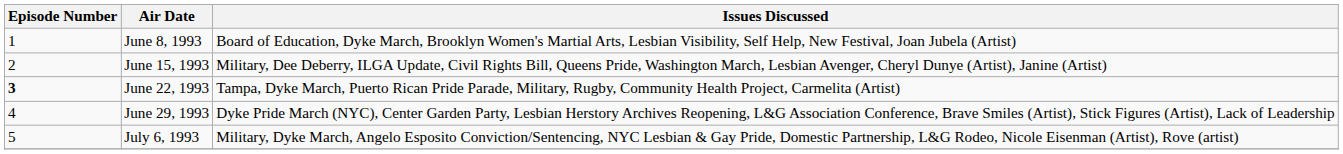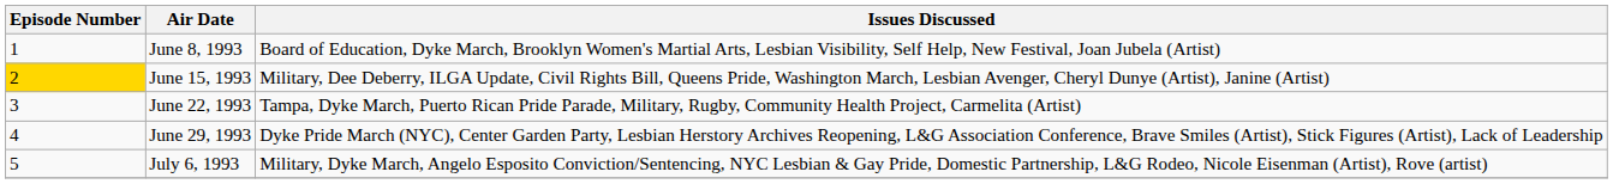 <table class="wikitable">
 <tr>
 <th>Episode Number</th>
 <th>Air Date</th>
 <th>Issues Discussed</th>
 </tr>
 <tr>
 <td>1</td>
 <td>June 8, 1993</td>
 <td>Board of Education, Dyke March, Brooklyn Women's Martial Arts, Lesbian Visibility, Self Help, New Festival, Joan Jubela (Artist)</td>
 </tr>
 <tr>
-<td>2</td>
+<td style="background: gold;">2</td>
 <td>June 15, 1993</td>
 <td>Military, Dee Deberry, ILGA Update, Civil Rights Bill, Queens Pride, Washington March, Lesbian Avenger, Cheryl Dunye (Artist), Janine (Artist)</td>
 </tr>
 <tr>
-<td><strong>3</strong></td>
+<td>3</td>
 <td>June 22, 1993</td>
 <td>Tampa, Dyke March, Puerto Rican Pride Parade, Military, Rugby, Community Health Project, Carmelita (Artist)</td>
 </tr>
 <tr>
 <td>4</td>
 <td>June 29, 1993</td>
 <td>Dyke Pride March (NYC), Center Garden Party, Lesbian Herstory Archives Reopening, L&G Association Conference, Brave Smiles (Artist), Stick Figures (Artist), Lack of Leadership</td>
 </tr>
 <tr>
 <td>5</td>
 <td>July 6, 1993</td>
 <td>Military, Dyke March, Angelo Esposito Conviction/Sentencing, NYC Lesbian & Gay Pride, Domestic Partnership, L&G Rodeo, Nicole Eisenman (Artist), Rove (artist)</td>
 </tr>
 <tr>
 </tr>
 </table>
